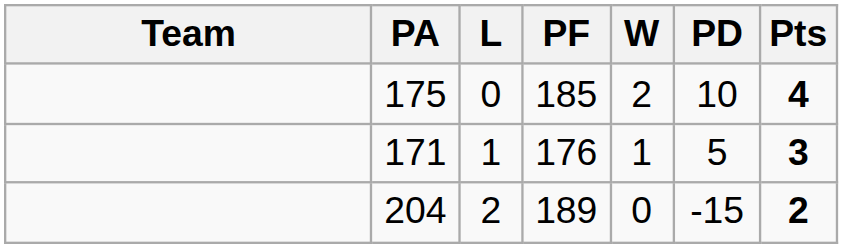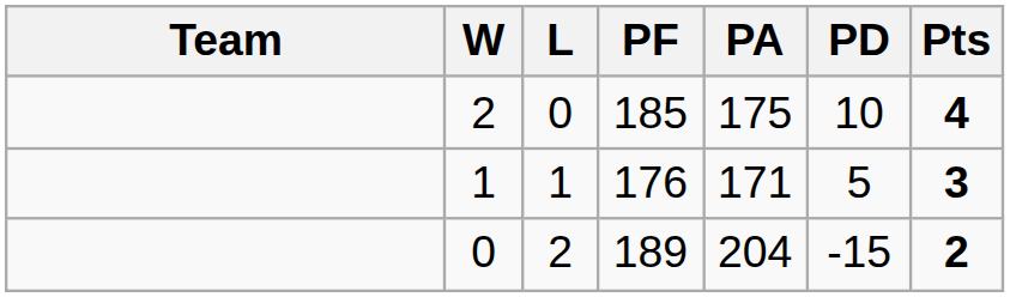 <table class="wikitable" style="text-align:center;">
 <tr>
 <th width=150>Team</th>
-<th width=30>PA</th>
+<th width=20>W</th>
 <th width=20>L</th>
 <th width=30>PF</th>
-<th width=20>W</th>
+<th width=30>PA</th>
 <th width=30>PD</th>
 <th width=20>Pts</th>
 </tr>
 <tr>
 <td align="left"></td>
-<td>175</td>
+<td>2</td>
 <td>0</td>
 <td>185</td>
-<td>2</td>
+<td>175</td>
 <td>10</td>
 <td><strong>4</strong></td>
 </tr>
 <tr>
 <td align="left"></td>
-<td>171</td>
+<td>1</td>
 <td>1</td>
 <td>176</td>
-<td>1</td>
+<td>171</td>
 <td>5</td>
 <td><strong>3</strong></td>
 </tr>
 <tr>
 <td align="left"></td>
-<td>204</td>
+<td>0</td>
 <td>2</td>
 <td>189</td>
-<td>0</td>
+<td>204</td>
 <td>-15</td>
 <td><strong>2</strong></td>
 </tr>
 </table>
